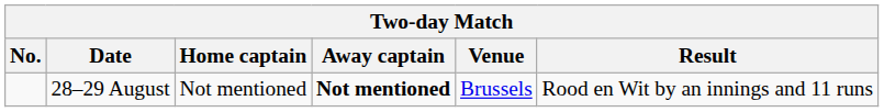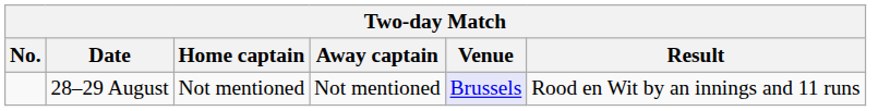 <table class="wikitable">
 <tr>
 <th colspan="9">Two-day Match</th>
 </tr>
 <tr>
 <th>No.</th>
 <th>Date</th>
 <th>Home captain</th>
 <th>Away captain</th>
 <th>Venue</th>
 <th>Result</th>
 </tr>
 <tr>
 <td></td>
 <td>28–29 August</td>
 <td>Not mentioned</td>
-<td><strong>Not mentioned</strong></td>
-<td><a href='#'>Brussels</a></td>
+<td>Not mentioned</td>
+<td style="background: lavender;"><a href='#'>Brussels</a></td>
 <td>Rood en Wit by an innings and 11 runs</td>
 </tr>
 </table>
